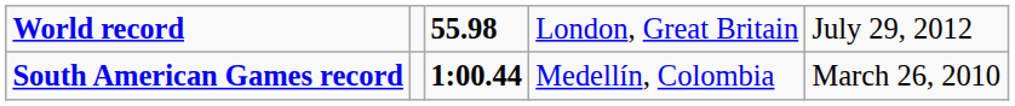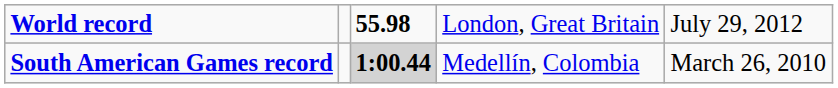 <table class="wikitable">
 <tr>
 <td><strong><a href='#'>World record</a></strong></td>
 <td></td>
 <td><strong>55.98</strong></td>
 <td><a href='#'>London</a>, <a href='#'>Great Britain</a></td>
 <td>July 29, 2012</td>
 </tr>
 <tr>
 <td><strong><a href='#'>South American Games record</a></strong></td>
 <td></td>
-<td><strong>1:00.44</strong></td>
+<td style="background: lightgrey;"><strong>1:00.44</strong></td>
 <td><a href='#'>Medellín</a>, <a href='#'>Colombia</a></td>
 <td>March 26, 2010</td>
 </tr>
 </table>
